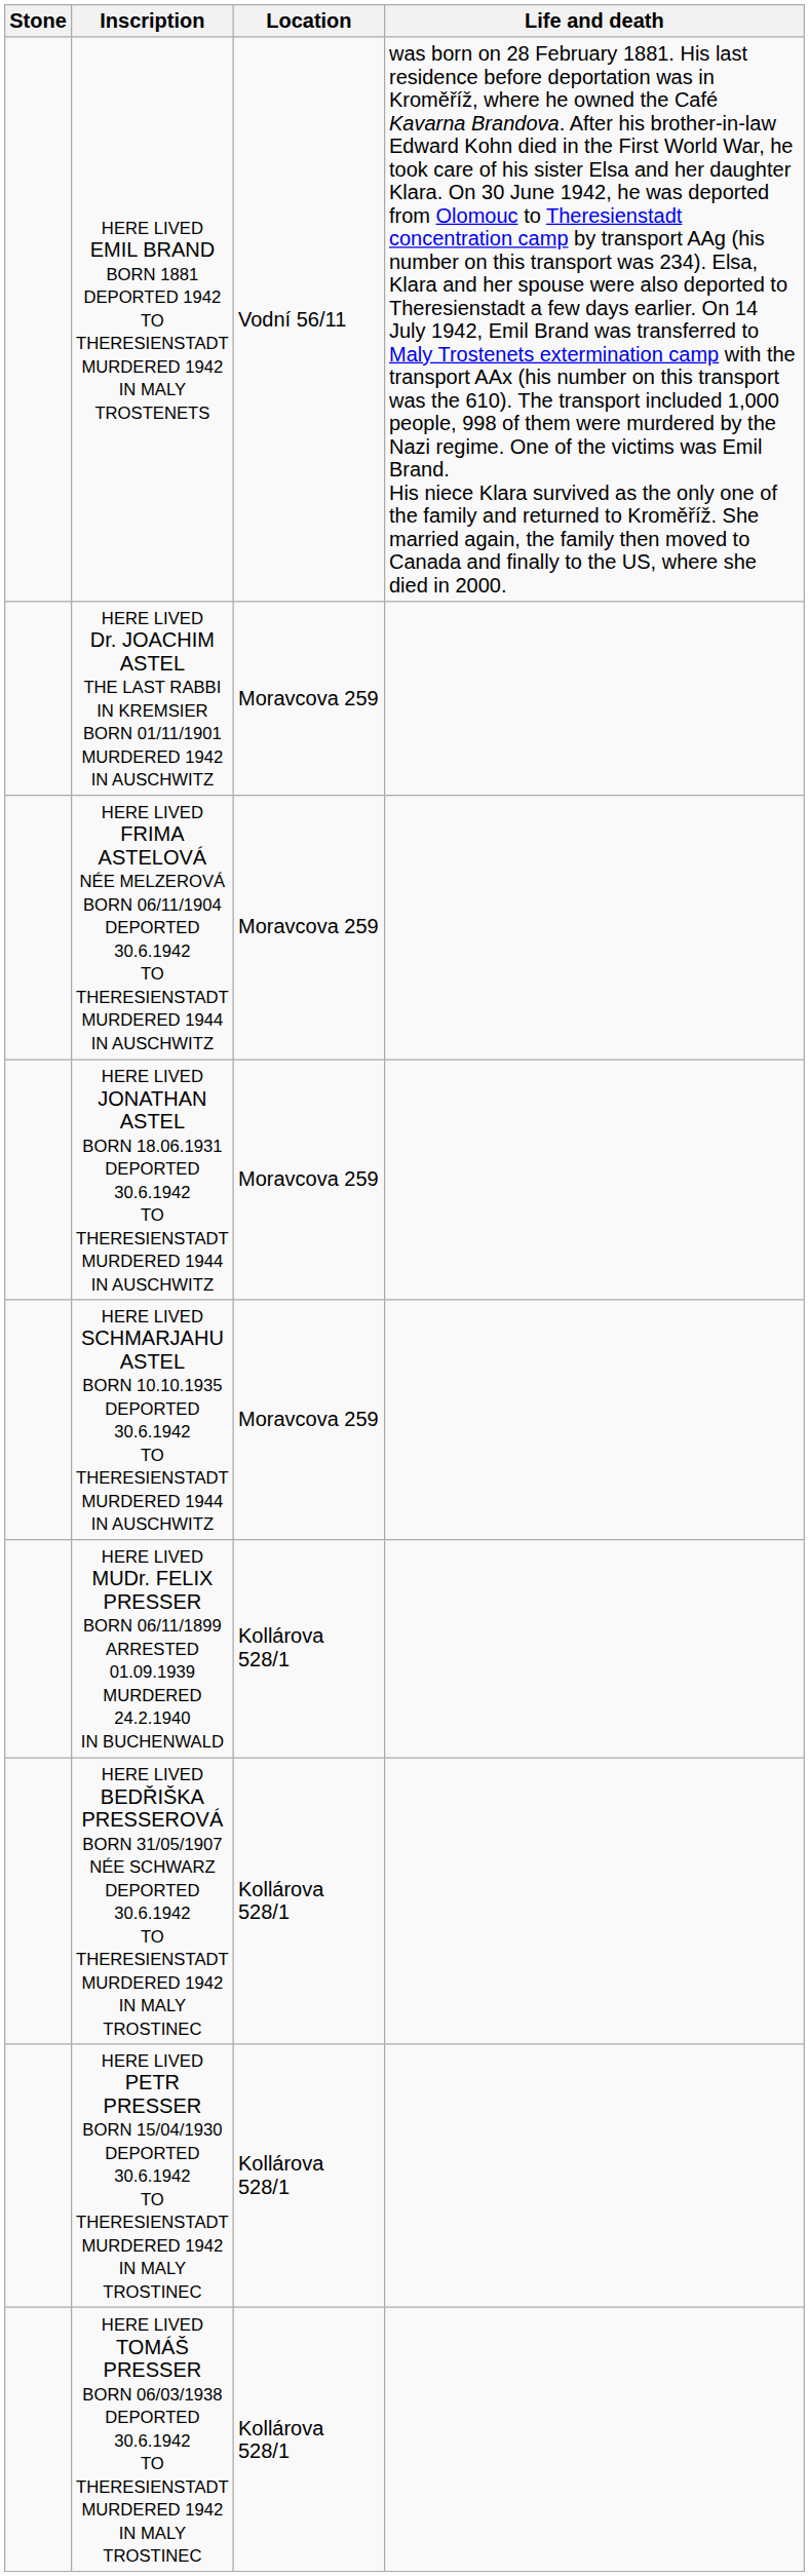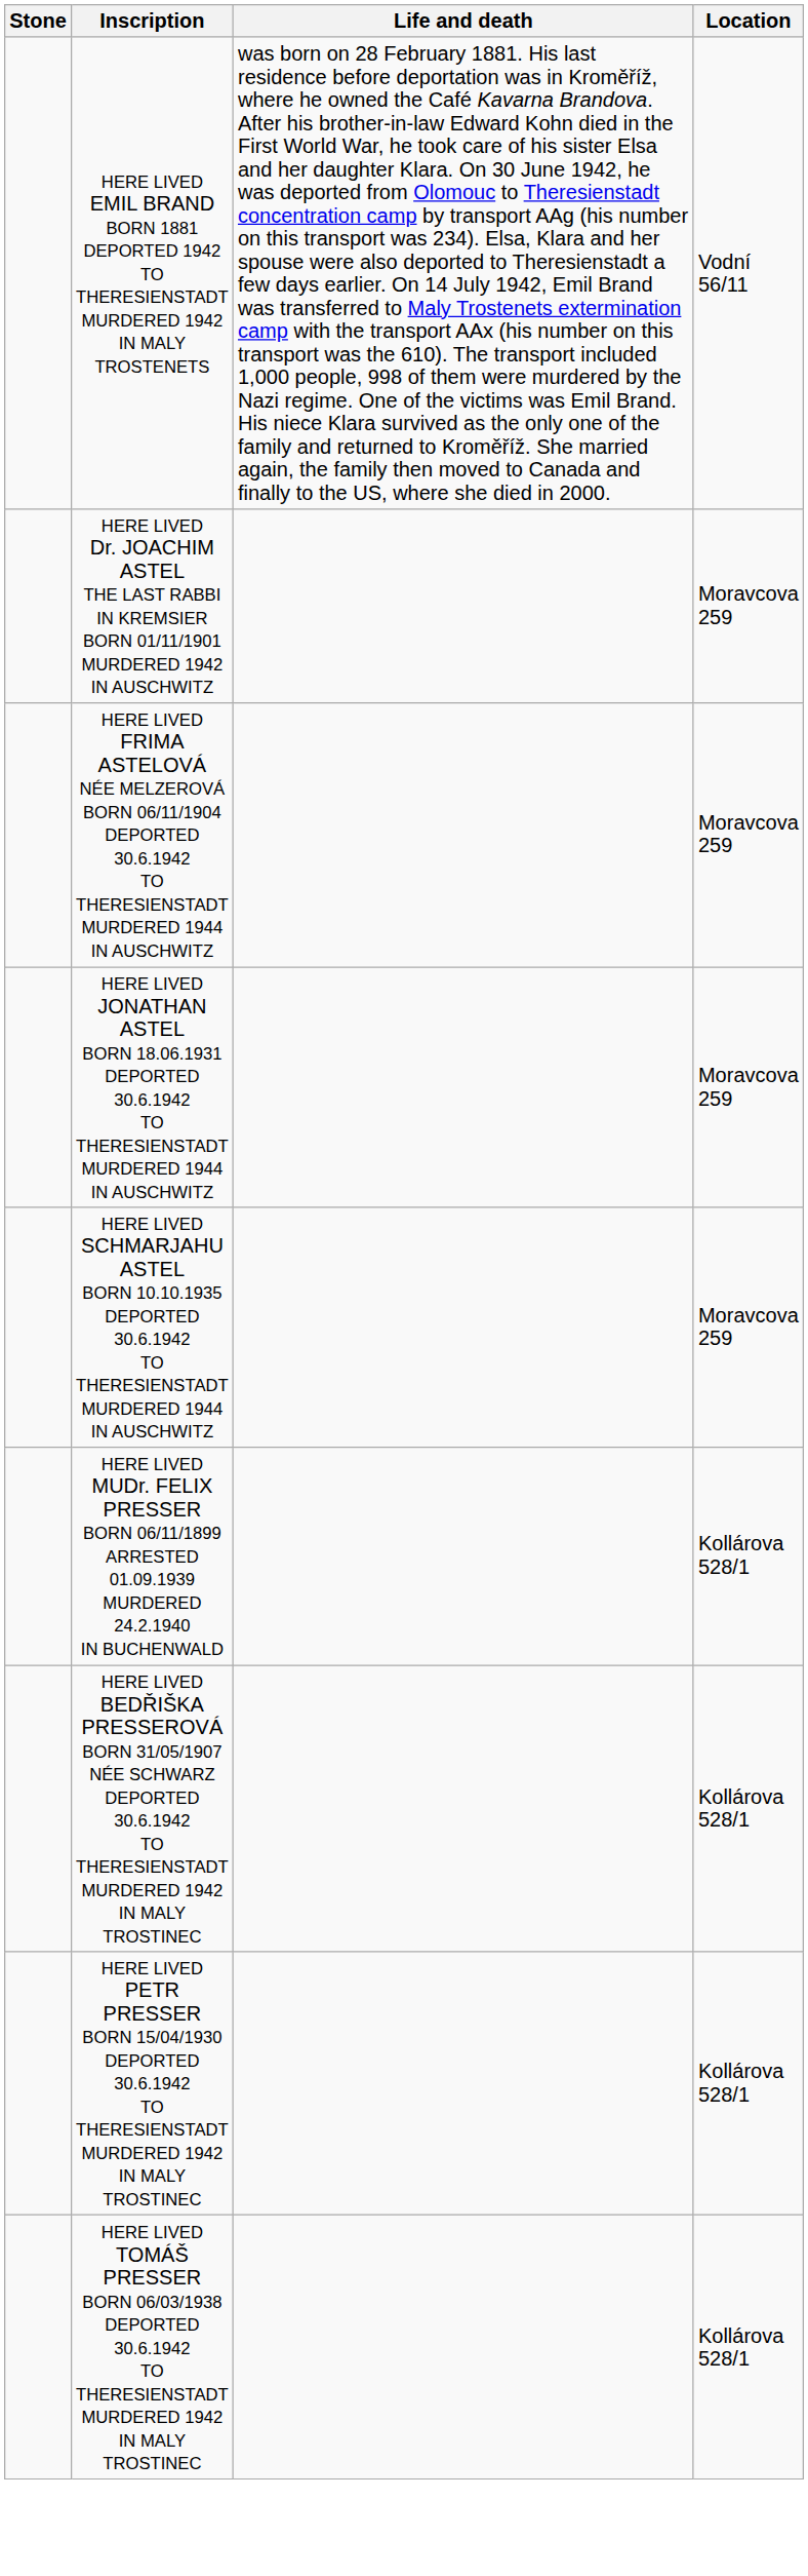 <table class="wikitable sortable toptextcells" style="width:100%">
 <tr>
 <th class="hintergrundfarbe6 unsortable" width="120px">Stone</th>
 <th class="hintergrundfarbe6 unsortable" style ="width:20%;">Inscription</th>
+<th class="hintergrundfarbe6" style="width:100%;">Life and death</th>
 <th class="hintergrundfarbe6" data-sort-type="text" style ="width:20%;">Location</th>
-<th class="hintergrundfarbe6" style="width:100%;">Life and death</th>
 </tr>
 <tr>
 <td></td>
 <td style="text-align:center"><div><small>HERE LIVED</small><br>EMIL BRAND<br><small>BORN 1881<br>DEPORTED 1942<br>TO THERESIENSTADT<br>MURDERED 1942<br>IN MALY TROSTENETS</small></div></td>
+<td><strong></strong> was born on 28 February 1881. His last residence before deportation was in Kroměříž, where he owned the Café <em>Kavarna Brandova</em>. After his brother-in-law Edward Kohn died in the First World War, he took care of his sister Elsa and her daughter Klara. On 30 June 1942, he was deported from <a href='#'>Olomouc</a> to <a href='#'>Theresienstadt concentration camp</a> by transport AAg (his number on this transport was 234). Elsa, Klara and her spouse were also deported to Theresienstadt a few days earlier. On 14 July 1942, Emil Brand was transferred to <a href='#'>Maly Trostenets extermination camp</a> with the transport AAx (his number on this transport was the 610). The transport included 1,000 people, 998 of them were murdered by the Nazi regime. One of the victims was Emil Brand.<br>His niece Klara survived as the only one of the family and returned to Kroměříž. She married again, the family then moved to Canada and finally to the US, where she died in 2000.</td>
 <td>Vodní 56/11<br></td>
-<td><strong></strong> was born on 28 February 1881. His last residence before deportation was in Kroměříž, where he owned the Café <em>Kavarna Brandova</em>. After his brother-in-law Edward Kohn died in the First World War, he took care of his sister Elsa and her daughter Klara. On 30 June 1942, he was deported from <a href='#'>Olomouc</a> to <a href='#'>Theresienstadt concentration camp</a> by transport AAg (his number on this transport was 234). Elsa, Klara and her spouse were also deported to Theresienstadt a few days earlier. On 14 July 1942, Emil Brand was transferred to <a href='#'>Maly Trostenets extermination camp</a> with the transport AAx (his number on this transport was the 610). The transport included 1,000 people, 998 of them were murdered by the Nazi regime. One of the victims was Emil Brand.<br>His niece Klara survived as the only one of the family and returned to Kroměříž. She married again, the family then moved to Canada and finally to the US, where she died in 2000.</td>
 </tr>
 <tr>
 <td></td>
 <td style="text-align:center"><div><small>HERE LIVED</small><br>Dr. JOACHIM ASTEL<br><small>THE LAST RABBI IN KREMSIER<br>BORN 01/11/1901<br>MURDERED 1942<br>IN AUSCHWITZ</small></div></td>
+<td><strong></strong></td>
 <td>Moravcova 259<br></td>
-<td><strong></strong></td>
 </tr>
 <tr>
 <td></td>
 <td style="text-align:center"><div><small>HERE LIVED</small><br>FRIMA ASTELOVÁ<br><small>NÉE MELZEROVÁ<br>BORN 06/11/1904<br>DEPORTED 30.6.1942<br>TO THERESIENSTADT<br>MURDERED 1944<br>IN AUSCHWITZ</small></div></td>
+<td><strong></strong></td>
 <td>Moravcova 259<br></td>
-<td><strong></strong></td>
 </tr>
 <tr>
 <td></td>
 <td style="text-align:center"><div><small>HERE LIVED</small><br>JONATHAN ASTEL<br><small>BORN 18.06.1931<br>DEPORTED 30.6.1942<br>TO THERESIENSTADT<br>MURDERED 1944<br>IN AUSCHWITZ</small></div></td>
+<td><strong></strong></td>
 <td>Moravcova 259<br></td>
-<td><strong></strong></td>
 </tr>
 <tr>
 <td></td>
 <td style="text-align:center"><div><small>HERE LIVED</small><br>SCHMARJAHU ASTEL<br><small>BORN 10.10.1935<br>DEPORTED 30.6.1942<br>TO THERESIENSTADT<br>MURDERED 1944<br>IN AUSCHWITZ</small></div></td>
+<td><strong></strong></td>
 <td>Moravcova 259<br></td>
-<td><strong></strong></td>
 </tr>
 <tr>
 <td></td>
 <td style="text-align:center"><div><small>HERE LIVED</small><br>MUDr. FELIX PRESSER<br><small>BORN 06/11/1899<br>ARRESTED 01.09.1939<br>MURDERED 24.2.1940<br>IN BUCHENWALD</small></div></td>
+<td><strong></strong> </td>
 <td>Kollárova 528/1<br></td>
-<td><strong></strong> </td>
 </tr>
 <tr>
 <td></td>
 <td style="text-align:center"><div><small>HERE LIVED</small><br>BEDŘIŠKA PRESSEROVÁ<br><small>BORN 31/05/1907<br>NÉE SCHWARZ<br>DEPORTED 30.6.1942<br>TO THERESIENSTADT<br>MURDERED 1942<br>IN MALY TROSTINEC</small></div></td>
+<td><strong></strong></td>
 <td>Kollárova 528/1<br></td>
-<td><strong></strong></td>
 </tr>
 <tr>
 <td></td>
 <td style="text-align:center"><div><small>HERE LIVED</small><br>PETR PRESSER<br><small>BORN 15/04/1930<br>DEPORTED 30.6.1942<br>TO THERESIENSTADT<br>MURDERED 1942<br>IN MALY TROSTINEC</small></div></td>
+<td><strong></strong></td>
 <td>Kollárova 528/1<br></td>
-<td><strong></strong></td>
 </tr>
 <tr>
 <td></td>
 <td style="text-align:center"><div><small>HERE LIVED</small><br>TOMÁŠ PRESSER<br><small>BORN 06/03/1938<br>DEPORTED 30.6.1942<br>TO THERESIENSTADT<br>MURDERED 1942<br>IN MALY TROSTINEC</small></div></td>
+<td><strong></strong></td>
 <td>Kollárova 528/1<br></td>
-<td><strong></strong></td>
 </tr>
 </table>
